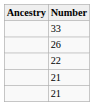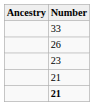 <table style="float: center;" class="wikitable">
 <tr>
 <th style="background:#efefef;">Ancestry</th>
 <th style="background:#efefef;">Number</th>
 </tr>
 <tr>
 <td></td>
 <td>33</td>
 </tr>
 <tr>
 <td></td>
 <td>26</td>
 </tr>
 <tr>
 <td></td>
-<td>22</td>
+<td>23</td>
 </tr>
 <tr>
 <td></td>
 <td>21</td>
 </tr>
 <tr>
 <td></td>
-<td>21</td>
+<td><strong>21</strong></td>
 </tr>
 </table>
